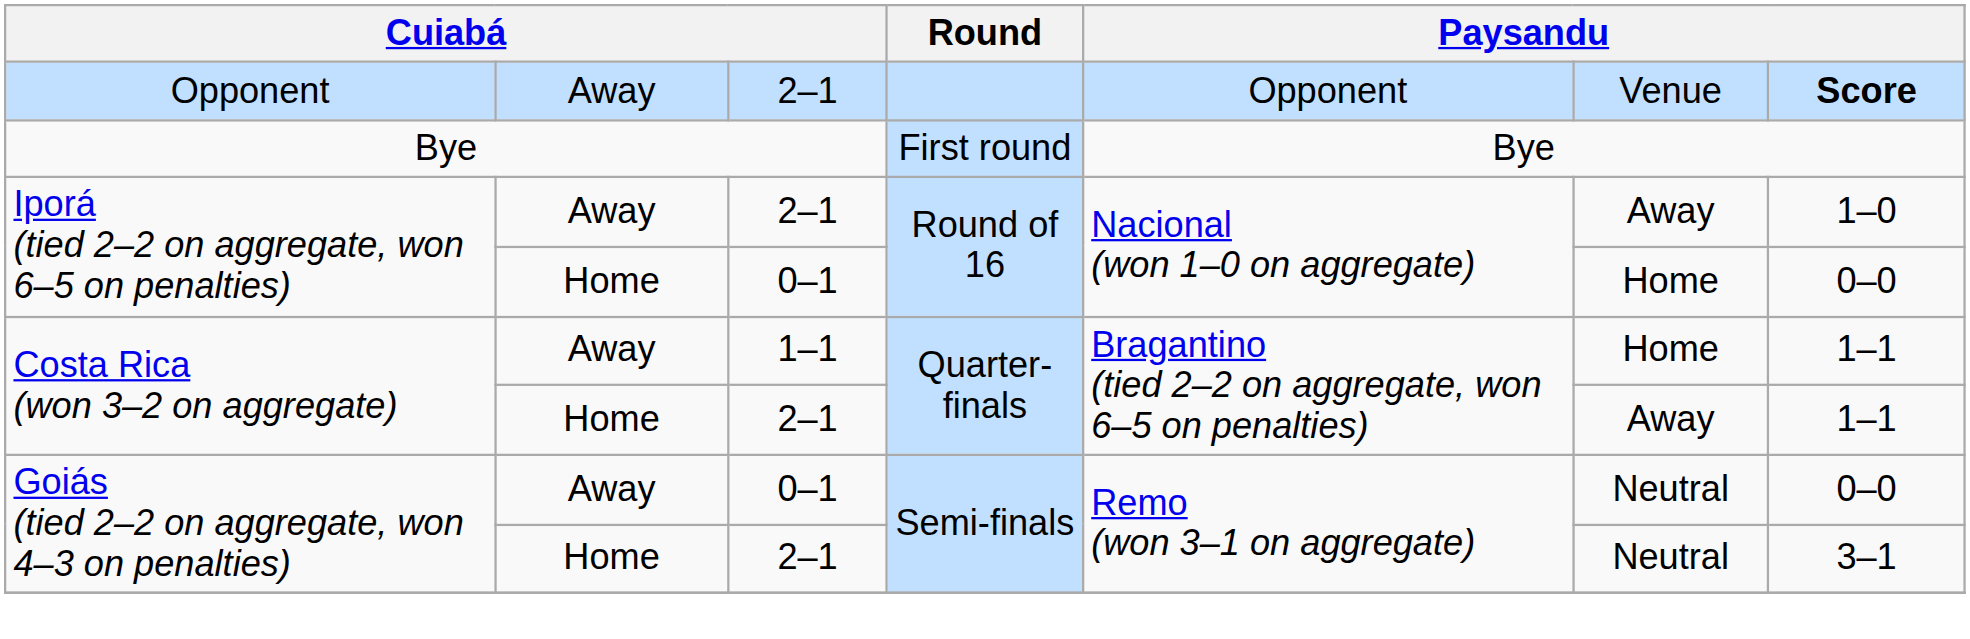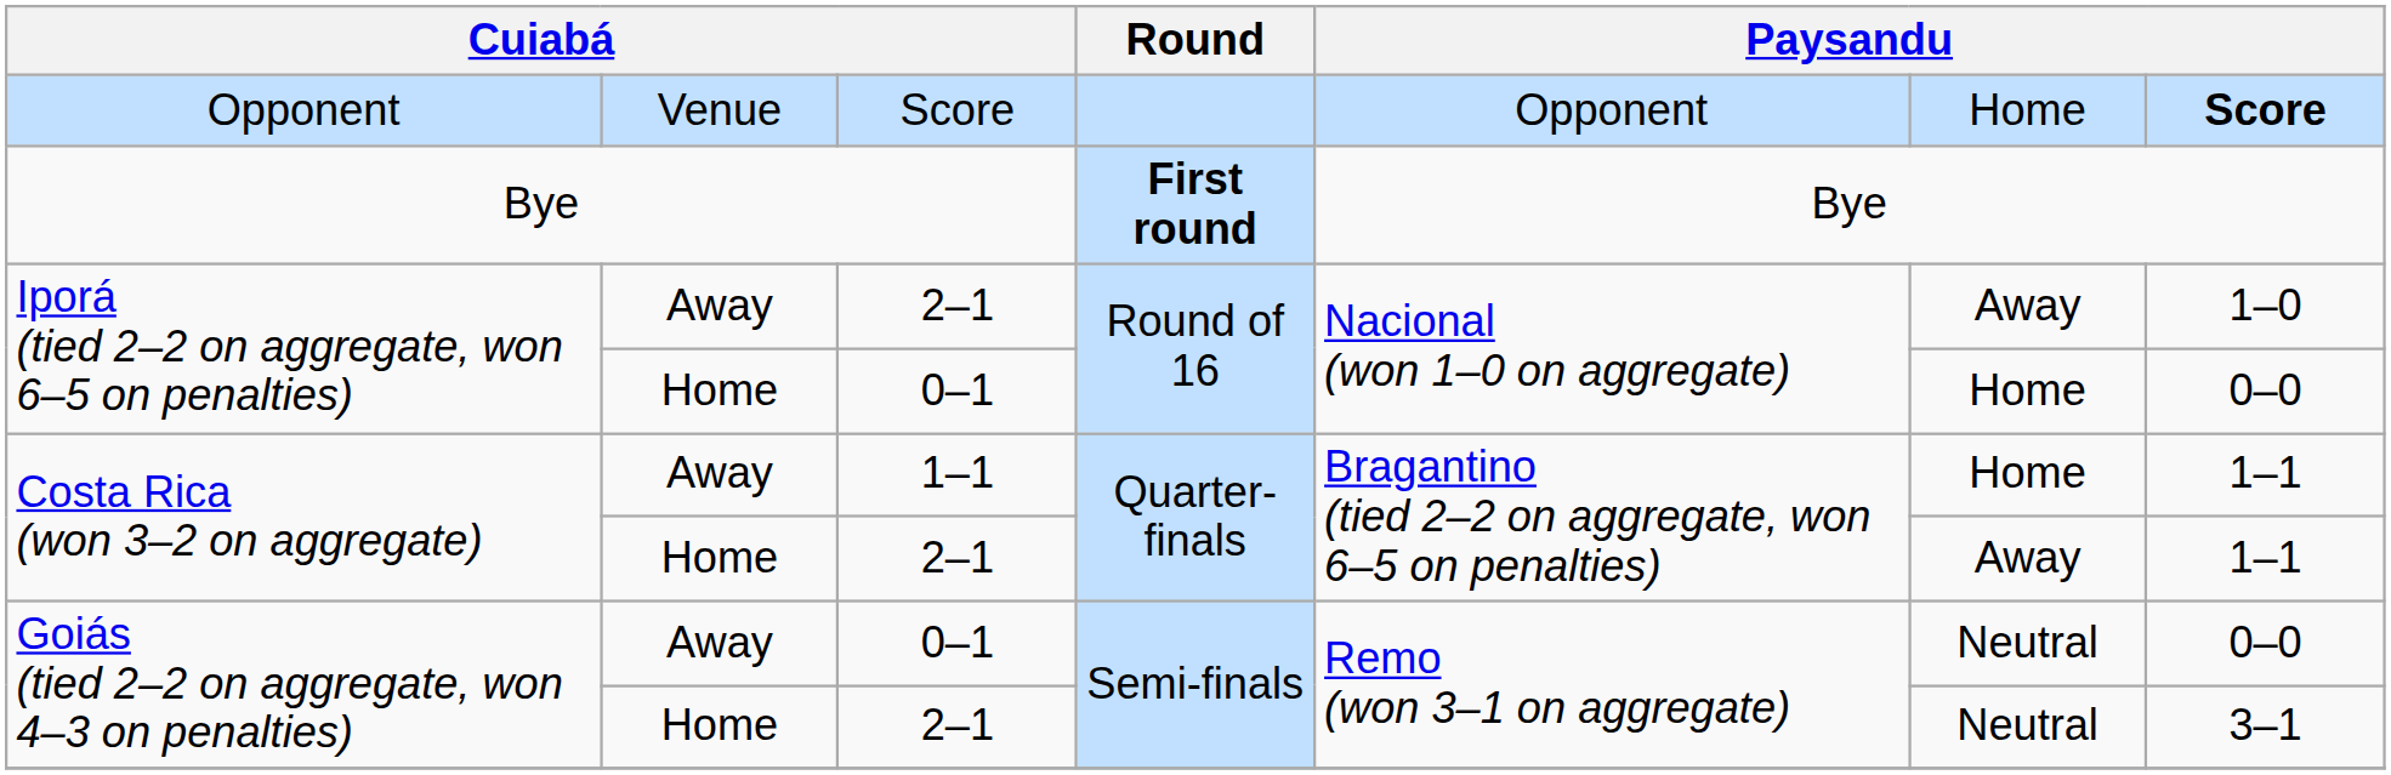 <table class="wikitable" style="text-align: center;">
 <tr>
 <th colspan=3> <a href='#'>Cuiabá</a></th>
 <th>Round</th>
 <th colspan=3> <a href='#'>Paysandu</a></th>
 </tr>
 <tr bgcolor=#c1e0ff>
 <td width=25%>Opponent</td>
-<td>Away</td>
-<td>2–1</td>
+<td width=10%>Venue</td>
+<td width=10%>Score</td>
 <td width=10%></td>
 <td width=25%>Opponent</td>
-<td width=10%>Venue</td>
+<td>Home</td>
 <td width=10%><strong>Score</strong></td>
 </tr>
 <tr>
 <td colspan="3" rowspan="1">Bye</td>
-<td rowspan=1 bgcolor=#c1e0ff>First round</td>
+<td rowspan=1 bgcolor=#c1e0ff><strong>First round</strong></td>
 <td colspan="3" rowspan="1">Bye</td>
 </tr>
 <tr>
 <td rowspan=2 align=left> <a href='#'>Iporá</a><br><em>(tied 2–2 on aggregate, won 6–5 on penalties)</em></td>
 <td>Away</td>
 <td>2–1</td>
 <td rowspan=2 bgcolor=#c1e0ff>Round of 16</td>
 <td rowspan=2 align=left> <a href='#'>Nacional</a><br><em>(won 1–0 on aggregate)</em></td>
 <td>Away</td>
 <td>1–0</td>
 </tr>
 <tr>
 <td>Home</td>
 <td>0–1</td>
 <td>Home</td>
 <td>0–0</td>
 </tr>
 <tr>
 <td rowspan=2 align=left> <a href='#'>Costa Rica</a><br><em>(won 3–2 on aggregate)</em></td>
 <td>Away</td>
 <td>1–1</td>
 <td rowspan=2 bgcolor=#c1e0ff>Quarter-finals</td>
 <td rowspan=2 align=left> <a href='#'>Bragantino</a><br><em>(tied 2–2 on aggregate, won 6–5 on penalties)</em></td>
 <td>Home</td>
 <td>1–1</td>
 </tr>
 <tr>
 <td>Home</td>
 <td>2–1</td>
 <td>Away</td>
 <td>1–1</td>
 </tr>
 <tr>
 <td rowspan=2 align=left> <a href='#'>Goiás</a><br><em>(tied 2–2 on aggregate, won 4–3 on penalties)</em></td>
 <td>Away</td>
 <td>0–1</td>
 <td rowspan=2 bgcolor=#c1e0ff>Semi-finals</td>
 <td rowspan=2 align=left> <a href='#'>Remo</a><br><em>(won 3–1 on aggregate)</em></td>
 <td>Neutral</td>
 <td>0–0</td>
 </tr>
 <tr>
 <td>Home</td>
 <td>2–1</td>
 <td>Neutral</td>
 <td>3–1</td>
 </tr>
 <tr>
 </tr>
 </table>
